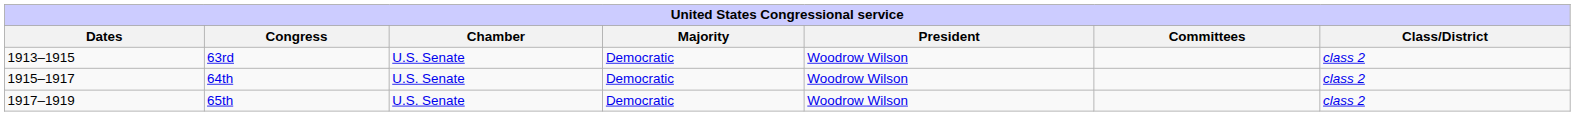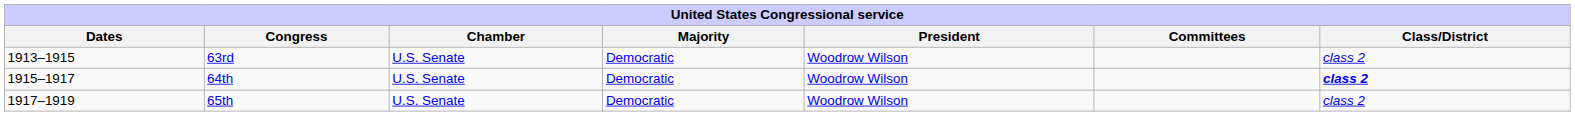 <table class=wikitable style="width: 94%" style="text-align: center;" align="center">
 <tr bgcolor=#cccccc>
 <th colspan=7 style="background: #ccccff;">United States Congressional service</th>
 </tr>
 <tr>
 <th><strong>Dates</strong></th>
 <th><strong>Congress</strong></th>
 <th><strong>Chamber</strong></th>
 <th><strong>Majority</strong></th>
 <th><strong>President</strong></th>
 <th><strong>Committees</strong></th>
 <th><strong>Class/District</strong></th>
 </tr>
 <tr>
 <td>1913–1915</td>
 <td><a href='#'>63rd</a></td>
 <td><a href='#'>U.S. Senate</a></td>
 <td><a href='#'>Democratic</a></td>
 <td><a href='#'>Woodrow Wilson</a></td>
 <td></td>
 <td><a href='#'><em>class 2</em></a></td>
 </tr>
 <tr>
 <td>1915–1917</td>
 <td><a href='#'>64th</a></td>
 <td><a href='#'>U.S. Senate</a></td>
 <td><a href='#'>Democratic</a></td>
 <td><a href='#'>Woodrow Wilson</a></td>
 <td></td>
-<td><a href='#'><em>class 2</em></a></td>
+<td><strong><a href='#'><em>class 2</em></a></strong></td>
 </tr>
 <tr>
 <td>1917–1919</td>
 <td><a href='#'>65th</a></td>
 <td><a href='#'>U.S. Senate</a></td>
 <td><a href='#'>Democratic</a></td>
 <td><a href='#'>Woodrow Wilson</a></td>
 <td></td>
 <td><a href='#'><em>class 2</em></a></td>
 </tr>
 </table>
